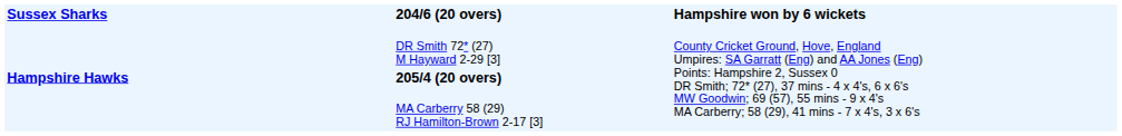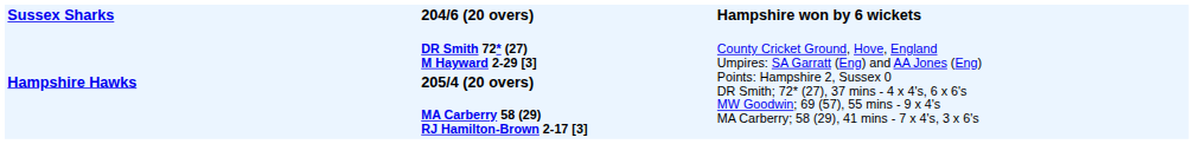 <table style="width:100%; background:#ebf5ff;">
 <tr>
 <td style="width:35%; vertical-align:top;" rowspan="2"><strong><a href='#'>Sussex Sharks</a></strong></td>
 <td style="width:25%;"><strong>204/6 (20 overs)</strong></td>
 <td style="width:40%;"><strong>Hampshire won by 6 wickets</strong></td>
 </tr>
 <tr>
-<td style="font-size: 85%;"><br><a href='#'>DR Smith</a> 72<a href='#'>*</a> (27)<br> <a href='#'>M Hayward</a> 2-29 [3]</td>
+<td style="font-size: 85%;"><strong><br><a href='#'>DR Smith</a> 72<a href='#'>*</a> (27)<br> <a href='#'>M Hayward</a> 2-29 [3]</strong></td>
 <td style="vertical-align:top; font-size:85%;" rowspan="3"><br><a href='#'>County Cricket Ground</a>, <a href='#'>Hove</a>, <a href='#'>England</a><br> Umpires: <a href='#'>SA Garratt</a> (<a href='#'>Eng</a>) and <a href='#'>AA Jones</a> (<a href='#'>Eng</a>)<br> Points: Hampshire 2, Sussex 0<br>DR Smith; 72* (27), 37 mins - 4 x 4's, 6 x 6's<br> <a href='#'>MW Goodwin</a>; 69 (57), 55 mins - 9 x 4's<br> MA Carberry; 58 (29), 41 mins - 7 x 4's, 3 x 6's</td>
 </tr>
 <tr>
 <td style="vertical-align:top;" rowspan="2"><strong><a href='#'>Hampshire Hawks</a></strong></td>
 <td><strong>205/4 (20 overs)</strong></td>
 </tr>
 <tr>
-<td style="font-size: 85%;"><br><a href='#'>MA Carberry</a> 58 (29)<br> <a href='#'>RJ Hamilton-Brown</a> 2-17 [3]</td>
+<td style="font-size: 85%;"><strong><br><a href='#'>MA Carberry</a> 58 (29)<br> <a href='#'>RJ Hamilton-Brown</a> 2-17 [3]</strong></td>
 </tr>
 </table>
